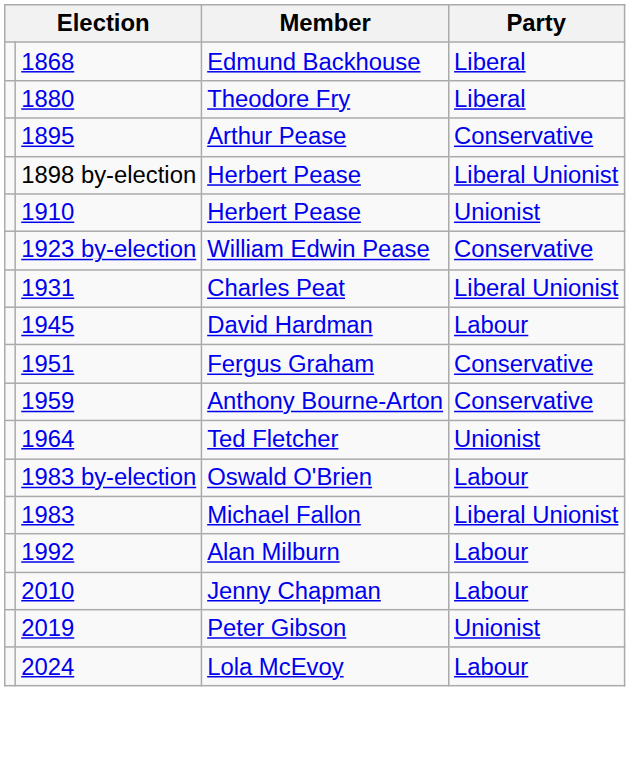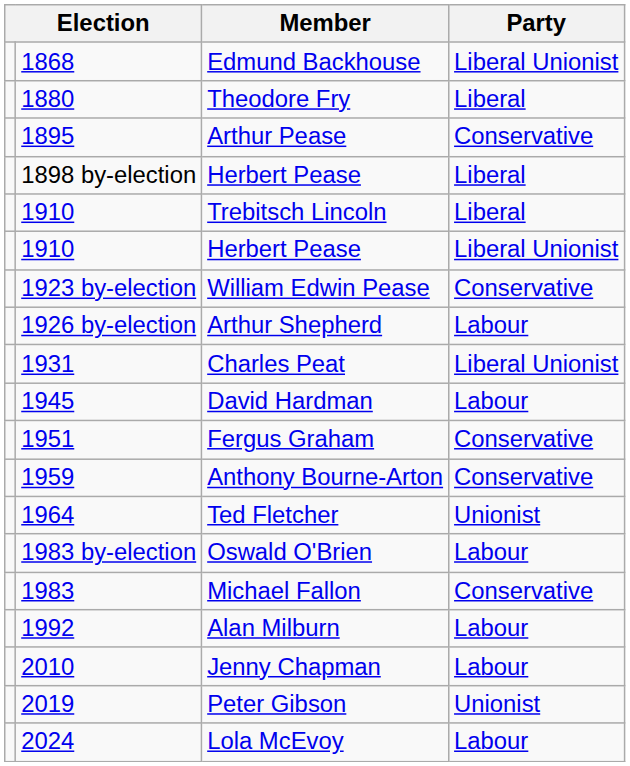 <table class="wikitable">
 <tr>
 <th colspan="2">Election</th>
 <th>Member</th>
 <th>Party</th>
 </tr>
 <tr>
 <td style="color:inherit;background-color: "></td>
 <td><a href='#'>1868</a></td>
 <td><a href='#'>Edmund Backhouse</a></td>
-<td><a href='#'>Liberal</a></td>
+<td><a href='#'>Liberal Unionist</a></td>
 </tr>
 <tr>
 <td style="color:inherit;background-color: "></td>
 <td><a href='#'>1880</a></td>
 <td><a href='#'>Theodore Fry</a></td>
 <td><a href='#'>Liberal</a></td>
 </tr>
 <tr>
 <td style="color:inherit;background-color: "></td>
 <td><a href='#'>1895</a></td>
 <td><a href='#'>Arthur Pease</a></td>
 <td><a href='#'>Conservative</a></td>
 </tr>
 <tr>
 <td style="color:inherit;background-color: "></td>
 <td>1898 by-election</td>
 <td><a href='#'>Herbert Pease</a></td>
-<td><a href='#'>Liberal Unionist</a></td>
+<td><a href='#'>Liberal</a></td>
+</tr>
+<tr>
+<td style="color:inherit;background-color: "></td>
+<td><a href='#'>1910</a></td>
+<td><a href='#'>Trebitsch Lincoln</a></td>
+<td><a href='#'>Liberal</a></td>
 </tr>
 <tr>
 <td style="color:inherit;background-color: "></td>
 <td><a href='#'>1910</a></td>
 <td><a href='#'>Herbert Pease</a></td>
-<td><a href='#'>Unionist</a></td>
+<td><a href='#'>Liberal Unionist</a></td>
 </tr>
 <tr>
 <td style="color:inherit;background-color: "></td>
 <td><a href='#'>1923 by-election</a></td>
 <td><a href='#'>William Edwin Pease</a></td>
 <td><a href='#'>Conservative</a></td>
+</tr>
+<tr>
+<td style="color:inherit;background-color: "></td>
+<td><a href='#'>1926 by-election</a></td>
+<td><a href='#'>Arthur Shepherd</a></td>
+<td><a href='#'>Labour</a></td>
 </tr>
 <tr>
 <td style="color:inherit;background-color: "></td>
 <td><a href='#'>1931</a></td>
 <td><a href='#'>Charles Peat</a></td>
 <td><a href='#'>Liberal Unionist</a></td>
 </tr>
 <tr>
 <td style="color:inherit;background-color: "></td>
 <td><a href='#'>1945</a></td>
 <td><a href='#'>David Hardman</a></td>
 <td><a href='#'>Labour</a></td>
 </tr>
 <tr>
 <td style="color:inherit;background-color: "></td>
 <td><a href='#'>1951</a></td>
 <td><a href='#'>Fergus Graham</a></td>
 <td><a href='#'>Conservative</a></td>
 </tr>
 <tr>
 <td style="color:inherit;background-color: "></td>
 <td><a href='#'>1959</a></td>
 <td><a href='#'>Anthony Bourne-Arton</a></td>
 <td><a href='#'>Conservative</a></td>
 </tr>
 <tr>
 <td style="color:inherit;background-color: "></td>
 <td><a href='#'>1964</a></td>
 <td><a href='#'>Ted Fletcher</a></td>
 <td><a href='#'>Unionist</a></td>
 </tr>
 <tr>
 <td style="color:inherit;background-color: "></td>
 <td><a href='#'>1983 by-election</a></td>
 <td><a href='#'>Oswald O'Brien</a></td>
 <td><a href='#'>Labour</a></td>
 </tr>
 <tr>
 <td style="color:inherit;background-color: "></td>
 <td><a href='#'>1983</a></td>
 <td><a href='#'>Michael Fallon</a></td>
-<td><a href='#'>Liberal Unionist</a></td>
+<td><a href='#'>Conservative</a></td>
 </tr>
 <tr>
 <td style="color:inherit;background-color: "></td>
 <td><a href='#'>1992</a></td>
 <td><a href='#'>Alan Milburn</a></td>
 <td><a href='#'>Labour</a></td>
 </tr>
 <tr>
 <td style="color:inherit;background-color: "></td>
 <td><a href='#'>2010</a></td>
 <td><a href='#'>Jenny Chapman</a></td>
 <td><a href='#'>Labour</a></td>
 </tr>
 <tr>
 <td style="color:inherit;background-color: "></td>
 <td><a href='#'>2019</a></td>
 <td><a href='#'>Peter Gibson</a></td>
 <td><a href='#'>Unionist</a></td>
 </tr>
 <tr>
 <td style="color:inherit;background-color: "></td>
 <td><a href='#'>2024</a></td>
 <td><a href='#'>Lola McEvoy</a></td>
 <td><a href='#'>Labour</a></td>
 </tr>
 </table>
